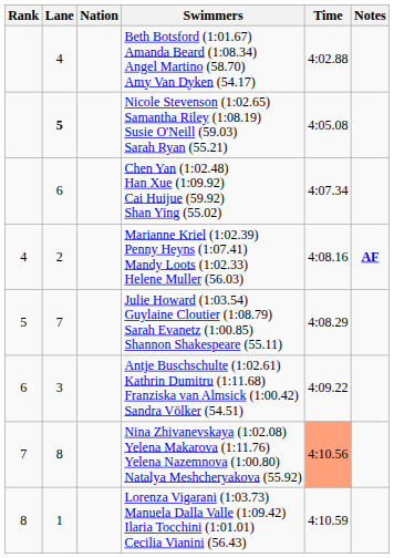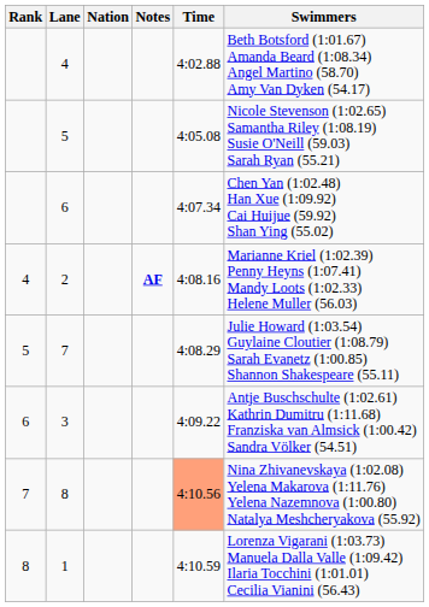 <table class="wikitable sortable" style="text-align:center">
 <tr>
 <th>Rank</th>
 <th>Lane</th>
 <th>Nation</th>
+<th>Notes</th>
+<th>Time</th>
 <th>Swimmers</th>
-<th>Time</th>
-<th>Notes</th>
 </tr>
 <tr>
 <td></td>
 <td>4</td>
 <td align=left></td>
+<td></td>
+<td>4:02.88</td>
 <td align=left><a href='#'>Beth Botsford</a> (1:01.67)<br><a href='#'>Amanda Beard</a> (1:08.34)<br><a href='#'>Angel Martino</a> (58.70)<br><a href='#'>Amy Van Dyken</a> (54.17)</td>
-<td>4:02.88</td>
-<td></td>
 </tr>
 <tr>
 <td></td>
-<td><strong>5</strong></td>
+<td>5</td>
 <td align=left></td>
+<td></td>
+<td>4:05.08</td>
 <td align=left><a href='#'>Nicole Stevenson</a> (1:02.65)<br><a href='#'>Samantha Riley</a> (1:08.19)<br><a href='#'>Susie O'Neill</a> (59.03)<br><a href='#'>Sarah Ryan</a> (55.21)</td>
-<td>4:05.08</td>
-<td></td>
 </tr>
 <tr>
 <td></td>
 <td>6</td>
 <td align=left></td>
+<td></td>
+<td>4:07.34</td>
 <td align=left><a href='#'>Chen Yan</a> (1:02.48)<br><a href='#'>Han Xue</a> (1:09.92)<br><a href='#'>Cai Huijue</a> (59.92)<br><a href='#'>Shan Ying</a> (55.02)</td>
-<td>4:07.34</td>
-<td></td>
 </tr>
 <tr>
 <td>4</td>
 <td>2</td>
 <td align=left></td>
+<td><strong><a href='#'>AF</a></strong></td>
+<td>4:08.16</td>
 <td align=left><a href='#'>Marianne Kriel</a> (1:02.39)<br><a href='#'>Penny Heyns</a> (1:07.41)<br><a href='#'>Mandy Loots</a> (1:02.33)<br><a href='#'>Helene Muller</a> (56.03)</td>
-<td>4:08.16</td>
-<td><strong><a href='#'>AF</a></strong></td>
 </tr>
 <tr>
 <td>5</td>
 <td>7</td>
 <td align=left></td>
+<td></td>
+<td>4:08.29</td>
 <td align=left><a href='#'>Julie Howard</a> (1:03.54)<br><a href='#'>Guylaine Cloutier</a> (1:08.79)<br><a href='#'>Sarah Evanetz</a> (1:00.85)<br><a href='#'>Shannon Shakespeare</a> (55.11)</td>
-<td>4:08.29</td>
-<td></td>
 </tr>
 <tr>
 <td>6</td>
 <td>3</td>
 <td align=left></td>
+<td></td>
+<td>4:09.22</td>
 <td align=left><a href='#'>Antje Buschschulte</a> (1:02.61)<br><a href='#'>Kathrin Dumitru</a> (1:11.68)<br><a href='#'>Franziska van Almsick</a> (1:00.42)<br><a href='#'>Sandra Völker</a> (54.51)</td>
-<td>4:09.22</td>
-<td></td>
 </tr>
 <tr>
 <td>7</td>
 <td>8</td>
 <td align=left></td>
+<td></td>
+<td style="background: lightsalmon;">4:10.56</td>
 <td align=left><a href='#'>Nina Zhivanevskaya</a> (1:02.08)<br><a href='#'>Yelena Makarova</a> (1:11.76)<br><a href='#'>Yelena Nazemnova</a> (1:00.80)<br><a href='#'>Natalya Meshcheryakova</a> (55.92)</td>
-<td style="background: lightsalmon;">4:10.56</td>
-<td></td>
 </tr>
 <tr>
 <td>8</td>
 <td>1</td>
 <td align=left></td>
+<td></td>
+<td>4:10.59</td>
 <td align=left><a href='#'>Lorenza Vigarani</a> (1:03.73)<br><a href='#'>Manuela Dalla Valle</a> (1:09.42)<br><a href='#'>Ilaria Tocchini</a> (1:01.01)<br><a href='#'>Cecilia Vianini</a> (56.43)</td>
-<td>4:10.59</td>
-<td></td>
 </tr>
 </table>
